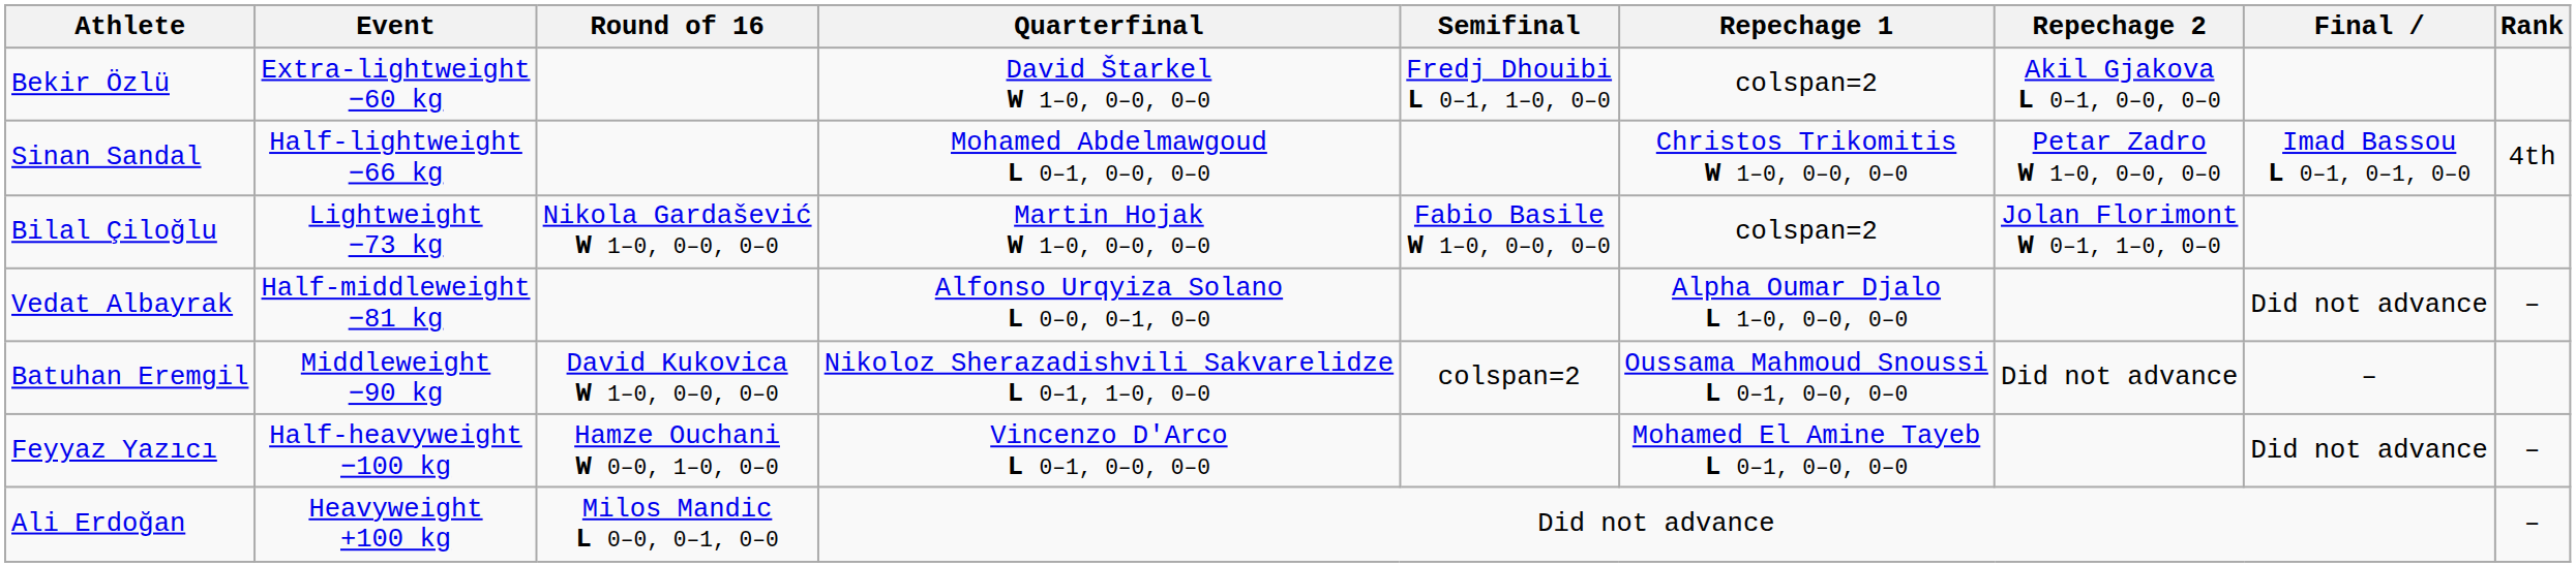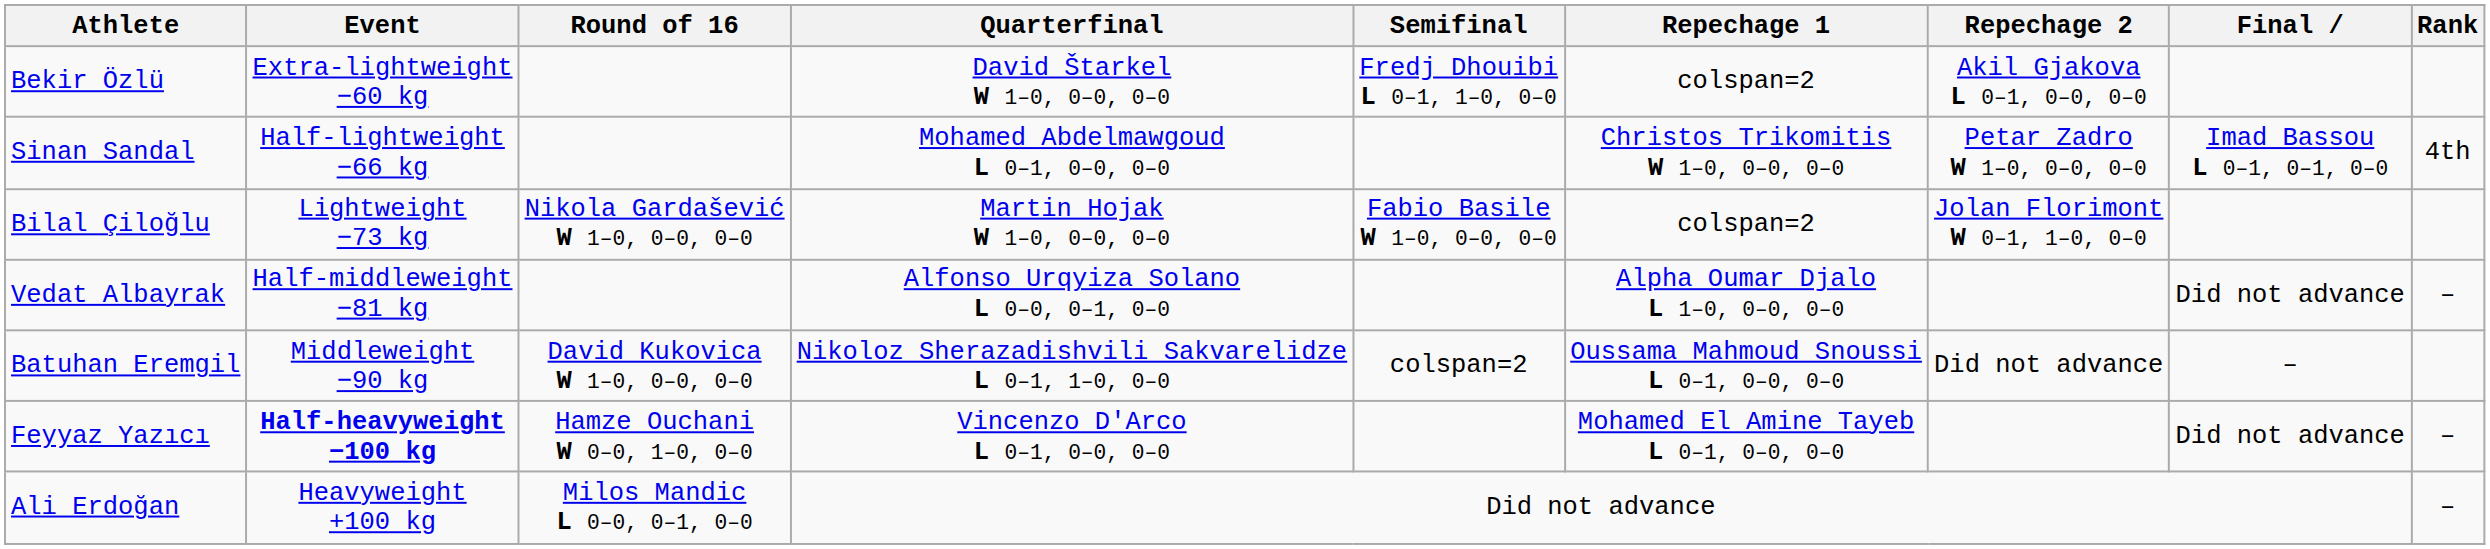 <table class="wikitable">
 <tr>
 <th>Athlete</th>
 <th>Event</th>
 <th>Round of 16</th>
 <th>Quarterfinal</th>
 <th>Semifinal</th>
 <th>Repechage 1</th>
 <th>Repechage 2</th>
 <th>Final / </th>
 <th>Rank</th>
 </tr>
 <tr align=center>
 <td align=left><a href='#'>Bekir Özlü</a></td>
 <td><a href='#'>Extra-lightweight<br>−60 kg</a></td>
 <td></td>
 <td> <a href='#'>David Štarkel</a><br><strong>W</strong> <small>1–0, 0–0, 0–0</small></td>
 <td> <a href='#'>Fredj Dhouibi</a><br><strong>L</strong> <small>0–1, 1–0, 0–0</small></td>
 <td>colspan=2 </td>
 <td> <a href='#'>Akil Gjakova</a><br><strong>L</strong> <small>0–1, 0–0, 0–0</small></td>
 <td></td>
 </tr>
 <tr align=center>
 <td align=left><a href='#'>Sinan Sandal</a></td>
 <td><a href='#'>Half-lightweight<br> −66 kg</a></td>
 <td></td>
 <td> <a href='#'>Mohamed Abdelmawgoud</a><br><strong>L</strong> <small>0–1, 0–0, 0–0</small></td>
 <td></td>
 <td> <a href='#'>Christos Trikomitis</a><br><strong>W</strong> <small>1–0, 0–0, 0–0</small></td>
 <td> <a href='#'>Petar Zadro</a><br><strong>W</strong> <small>1–0, 0–0, 0–0</small></td>
 <td> <a href='#'>Imad Bassou</a><br><strong>L</strong> <small>0–1, 0–1, 0–0</small></td>
 <td>4th</td>
 </tr>
 <tr align=center>
 <td align=left><a href='#'>Bilal Çiloğlu</a></td>
 <td><a href='#'>Lightweight<br>−73 kg</a></td>
 <td> <a href='#'>Nikola Gardašević</a><br><strong>W</strong> <small>1–0, 0–0, 0–0</small></td>
 <td> <a href='#'>Martin Hojak</a><br><strong>W</strong> <small>1–0, 0–0, 0–0</small></td>
 <td> <a href='#'>Fabio Basile</a><br><strong>W</strong> <small>1–0, 0–0, 0–0</small></td>
 <td>colspan=2 </td>
 <td> <a href='#'>Jolan Florimont</a><br><strong>W</strong> <small>0–1, 1–0, 0–0</small></td>
 <td></td>
 </tr>
 <tr align=center>
 <td align=left><a href='#'>Vedat Albayrak</a></td>
 <td><a href='#'>Half-middleweight<br>−81 kg</a></td>
 <td></td>
 <td> <a href='#'>Alfonso Urqyiza Solano</a><br><strong>L</strong> <small>0–0, 0–1, 0–0</small></td>
 <td></td>
 <td> <a href='#'>Alpha Oumar Djalo</a><br><strong>L</strong> <small>1–0, 0–0, 0–0</small></td>
 <td></td>
 <td>Did not advance</td>
 <td>–</td>
 </tr>
 <tr align=center>
 <td align=left><a href='#'>Batuhan Eremgil</a></td>
 <td><a href='#'>Middleweight<br>−90 kg</a></td>
 <td> <a href='#'>David Kukovica</a><br><strong>W</strong> <small>1–0, 0–0, 0–0</small></td>
 <td> <a href='#'>Nikoloz Sherazadishvili Sakvarelidze</a><br><strong>L</strong> <small>0–1, 1–0, 0–0</small></td>
 <td>colspan=2 </td>
 <td> <a href='#'>Oussama Mahmoud Snoussi</a><br><strong>L</strong> <small>0–1, 0–0, 0–0</small></td>
 <td>Did not advance</td>
 <td>–</td>
 </tr>
 <tr align=center>
 <td align=left><a href='#'>Feyyaz Yazıcı</a></td>
-<td><a href='#'>Half-heavyweight<br>−100 kg</a></td>
+<td><strong><a href='#'>Half-heavyweight<br>−100 kg</a></strong></td>
 <td> <a href='#'>Hamze Ouchani</a><br><strong>W</strong> <small>0–0, 1–0, 0–0</small></td>
 <td> <a href='#'>Vincenzo D'Arco</a><br><strong>L</strong> <small>0–1, 0–0, 0–0</small></td>
 <td></td>
 <td> <a href='#'>Mohamed El Amine Tayeb</a><br><strong>L</strong> <small>0–1, 0–0, 0–0</small></td>
 <td></td>
 <td>Did not advance</td>
 <td>–</td>
 </tr>
 <tr align=center>
 <td align=left><a href='#'>Ali Erdoğan</a></td>
 <td><a href='#'>Heavyweight<br>+100 kg</a></td>
 <td> <a href='#'>Milos Mandic</a><br><strong>L</strong> <small>0–0, 0–1, 0–0</small></td>
 <td colspan=5>Did not advance</td>
 <td>–</td>
 </tr>
 </table>
